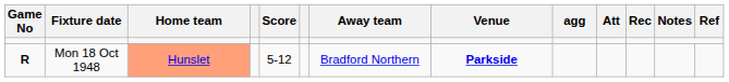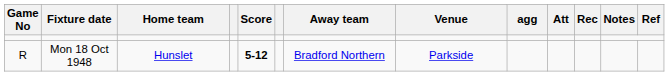 <table class="wikitable" style="text-align:center;">
 <tr>
 <th width=20 abbr="No">Game No</th>
 <th width=100 abbr="Date">Fixture date</th>
 <th width=150 abbr="Home team">Home team</th>
 <th width=5 abbr="space"></th>
 <th width=20 abbr="Score">Score</th>
 <th width=5 abbr="space"></th>
 <th width=150 abbr="Away team">Away team</th>
 <th width=150 abbr="Venue">Venue</th>
 <th width=50 abbr="agg">agg</th>
 <th width=30 abbr="Att">Att</th>
 <th width=30 abbr="Rec">Rec</th>
 <th width=20 abbr="Notes">Notes</th>
 <th width=30 abbr="Ref">Ref</th>
 </tr>
 <tr>
 <td></td>
 <td></td>
 <td></td>
 <td></td>
 <td></td>
 <td></td>
 <td></td>
 <td></td>
 <td></td>
 <td></td>
 <td></td>
 </tr>
 <tr>
-<td><strong>R</strong></td>
+<td>R</td>
 <td>Mon 18 Oct 1948</td>
-<td style="background: lightsalmon;"><a href='#'>Hunslet</a></td>
+<td><a href='#'>Hunslet</a></td>
 <td></td>
-<td>5-12</td>
+<td><strong>5-12</strong></td>
 <td></td>
 <td><a href='#'>Bradford Northern</a></td>
-<td><strong><a href='#'>Parkside</a></strong></td>
+<td><a href='#'>Parkside</a></td>
 <td></td>
 <td></td>
 <td></td>
 <td></td>
 <td></td>
 </tr>
 </table>
